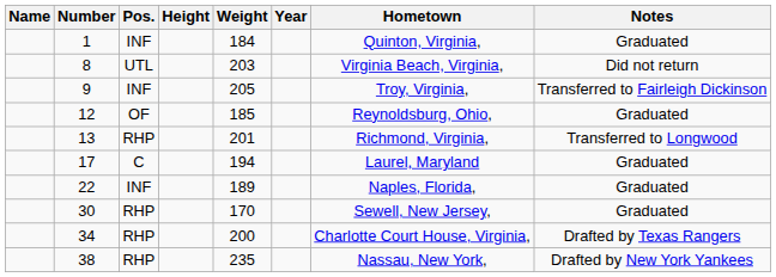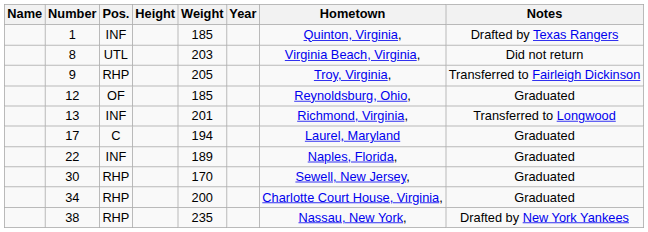 <table class="wikitable sortable sortable" style="text-align: center">
 <tr align=center>
 <th>Name</th>
 <th>Number</th>
 <th>Pos.</th>
 <th>Height</th>
 <th>Weight</th>
 <th>Year</th>
 <th>Hometown</th>
 <th>Notes</th>
 </tr>
 <tr>
 <td></td>
 <td>1</td>
 <td>INF</td>
 <td></td>
-<td>184</td>
+<td>185</td>
 <td></td>
 <td><a href='#'>Quinton, Virginia</a>,</td>
-<td>Graduated</td>
+<td>Drafted by <a href='#'>Texas Rangers</a></td>
 </tr>
 <tr>
 <td></td>
 <td>8</td>
 <td>UTL</td>
 <td></td>
 <td>203</td>
 <td></td>
 <td><a href='#'>Virginia Beach, Virginia</a>,</td>
 <td>Did not return</td>
 </tr>
 <tr>
 <td></td>
 <td>9</td>
-<td>INF</td>
+<td>RHP</td>
 <td></td>
 <td>205</td>
 <td></td>
 <td><a href='#'>Troy, Virginia</a>,</td>
 <td>Transferred to <a href='#'>Fairleigh Dickinson</a></td>
 </tr>
 <tr>
 <td></td>
 <td>12</td>
 <td>OF</td>
 <td></td>
 <td>185</td>
 <td></td>
 <td><a href='#'>Reynoldsburg, Ohio</a>,</td>
 <td>Graduated</td>
 </tr>
 <tr>
 <td></td>
 <td>13</td>
-<td>RHP</td>
+<td>INF</td>
 <td></td>
 <td>201</td>
 <td></td>
 <td><a href='#'>Richmond, Virginia</a>,</td>
 <td>Transferred to <a href='#'>Longwood</a></td>
 </tr>
 <tr>
 <td></td>
 <td>17</td>
 <td>C</td>
 <td></td>
 <td>194</td>
 <td></td>
 <td><a href='#'>Laurel, Maryland</a></td>
 <td>Graduated</td>
 </tr>
 <tr>
 <td></td>
 <td>22</td>
 <td>INF</td>
 <td></td>
 <td>189</td>
 <td></td>
 <td><a href='#'>Naples, Florida</a>,</td>
 <td>Graduated</td>
 </tr>
 <tr>
 <td></td>
 <td>30</td>
 <td>RHP</td>
 <td></td>
 <td>170</td>
 <td></td>
 <td><a href='#'>Sewell, New Jersey</a>,</td>
 <td>Graduated</td>
 </tr>
 <tr>
 <td></td>
 <td>34</td>
 <td>RHP</td>
 <td></td>
 <td>200</td>
 <td></td>
 <td><a href='#'>Charlotte Court House, Virginia</a>,</td>
-<td>Drafted by <a href='#'>Texas Rangers</a></td>
+<td>Graduated</td>
 </tr>
 <tr>
 <td></td>
 <td>38</td>
 <td>RHP</td>
 <td></td>
 <td>235</td>
 <td></td>
 <td><a href='#'>Nassau, New York</a>,</td>
 <td>Drafted by <a href='#'>New York Yankees</a></td>
 </tr>
 </table>
